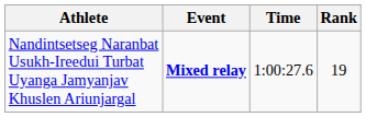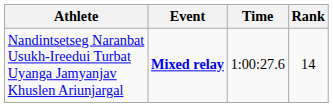 <table class="wikitable" style="font-size:90%">
 <tr>
 <th>Athlete</th>
 <th>Event</th>
 <th>Time</th>
 <th>Rank</th>
 </tr>
 <tr align=center>
 <td align=left><a href='#'>Nandintsetseg Naranbat</a><br><a href='#'>Usukh-Ireedui Turbat</a><br><a href='#'>Uyanga Jamyanjav</a><br><a href='#'>Khuslen Ariunjargal</a></td>
 <td align=left><strong><a href='#'>Mixed relay</a></strong></td>
 <td>1:00:27.6</td>
-<td>19</td>
+<td>14</td>
 </tr>
 </table>
